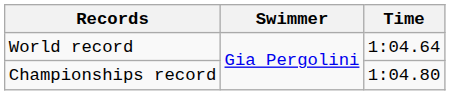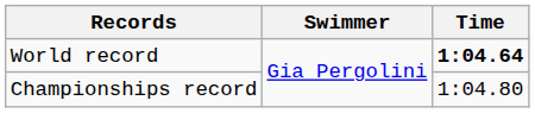 <table class="wikitable">
 <tr>
 <th>Records</th>
 <th>Swimmer</th>
 <th>Time</th>
 </tr>
 <tr>
 <td>World record</td>
 <td rowspan="2"><a href='#'>Gia Pergolini</a> </td>
-<td>1:04.64</td>
+<td><strong>1:04.64</strong></td>
 </tr>
 <tr>
 <td>Championships record</td>
 <td>1:04.80</td>
 </tr>
 </table>
